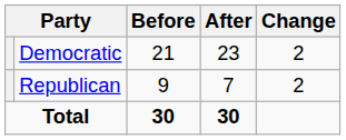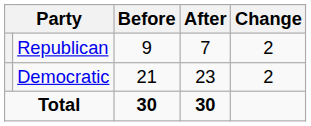 <table class="wikitable" style="text-align:center;">
 <tr>
 <th colspan="2">Party</th>
 <th>Before</th>
 <th>After</th>
 <th>Change</th>
 </tr>
 <tr>
 <th style="background-color:"></th>
-<td style="text-align:left;"><a href='#'>Democratic</a></td>
-<td>21</td>
-<td>23</td>
+<td style="text-align:left;"><a href='#'>Republican</a></td>
+<td>9</td>
+<td>7</td>
 <td> 2</td>
 </tr>
 <tr>
 <th style="background-color:"></th>
-<td style="text-align:left;"><a href='#'>Republican</a></td>
-<td>9</td>
-<td>7</td>
+<td style="text-align:left;"><a href='#'>Democratic</a></td>
+<td>21</td>
+<td>23</td>
 <td> 2</td>
 </tr>
 <tr>
 <td colspan="2"><strong>Total</strong></td>
 <td><strong>30</strong></td>
 <td><strong>30</strong></td>
 <td></td>
 </tr>
 </table>
